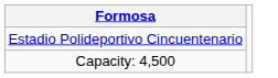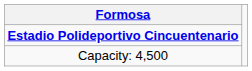 <table class="wikitable" style="text-align:center;">
 <tr>
 <th><a href='#'>Formosa</a></th>
 <td rowspan="4"><br></td>
 </tr>
 <tr>
-<td><a href='#'>Estadio Polideportivo Cincuentenario</a></td>
+<td><strong><a href='#'>Estadio Polideportivo Cincuentenario</a></strong></td>
 </tr>
 <tr>
 <td>Capacity: 4,500</td>
 </tr>
 </table>
